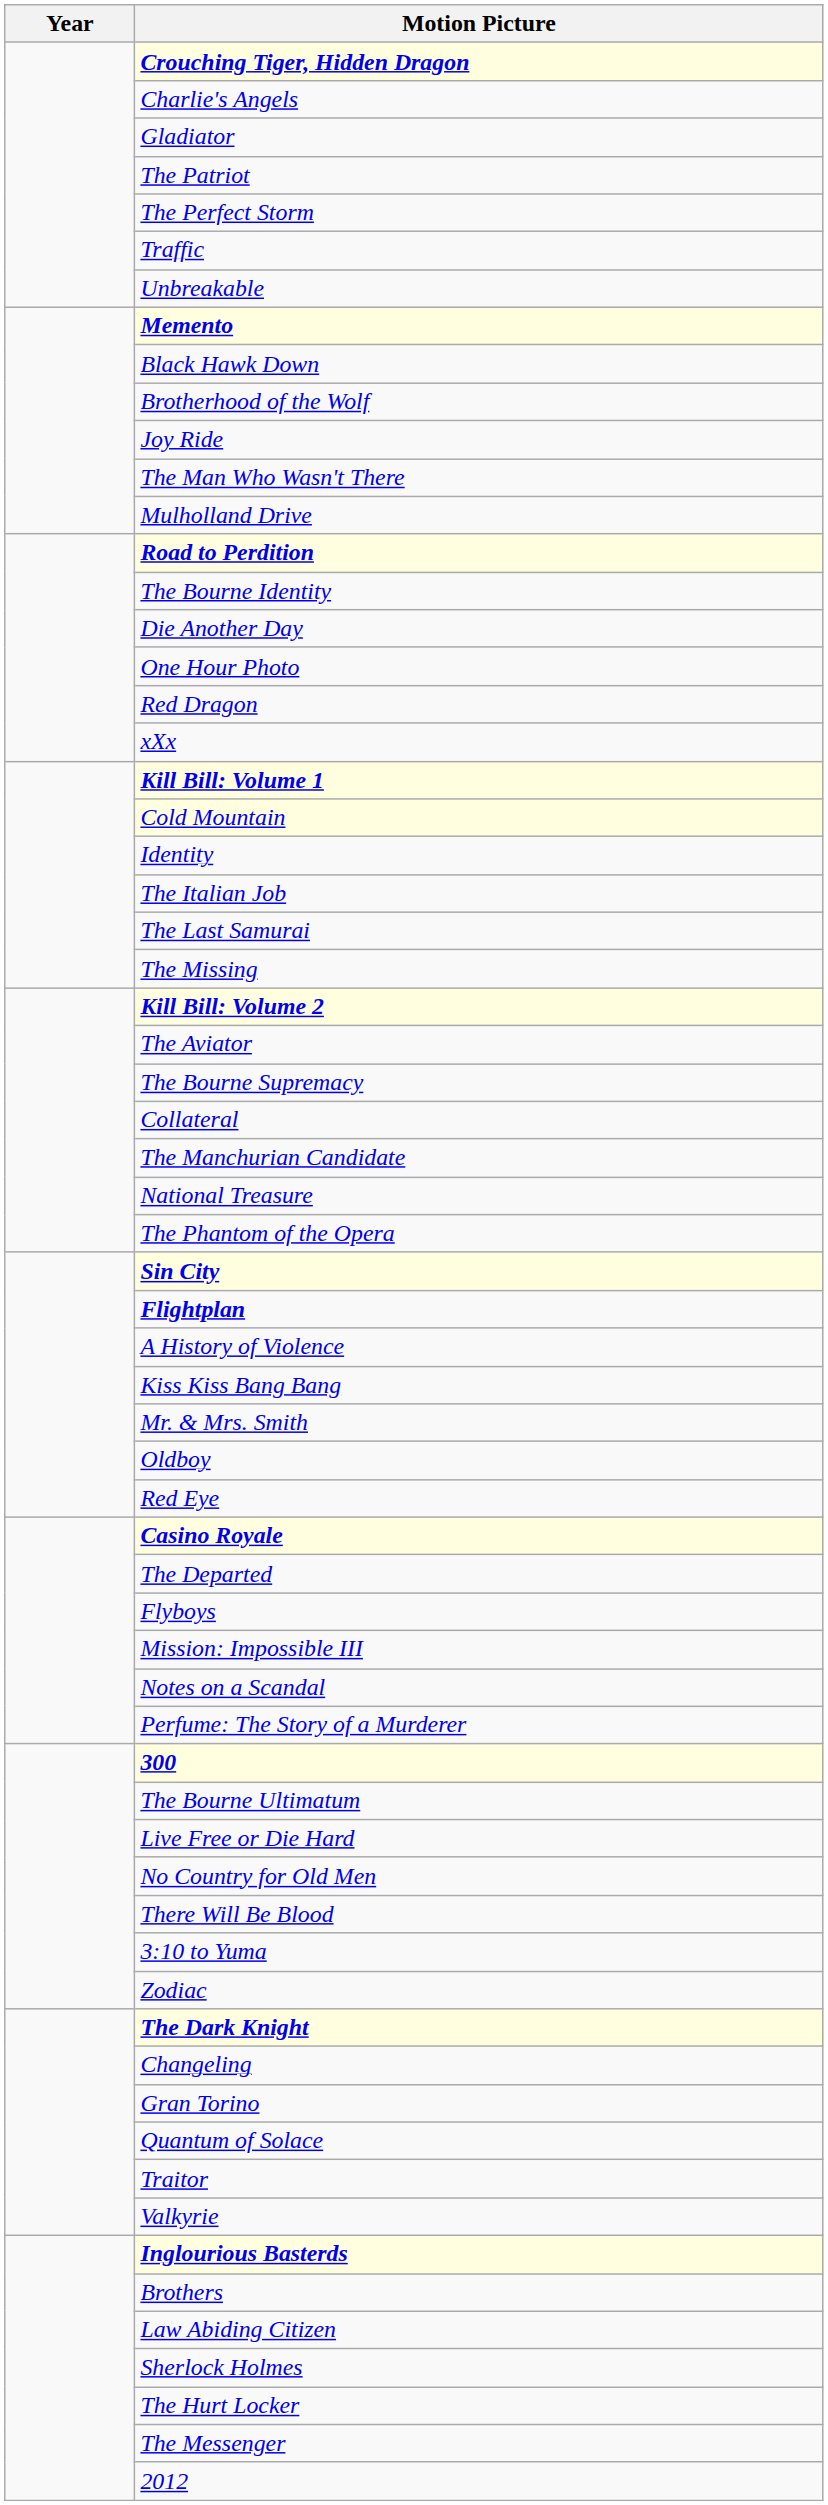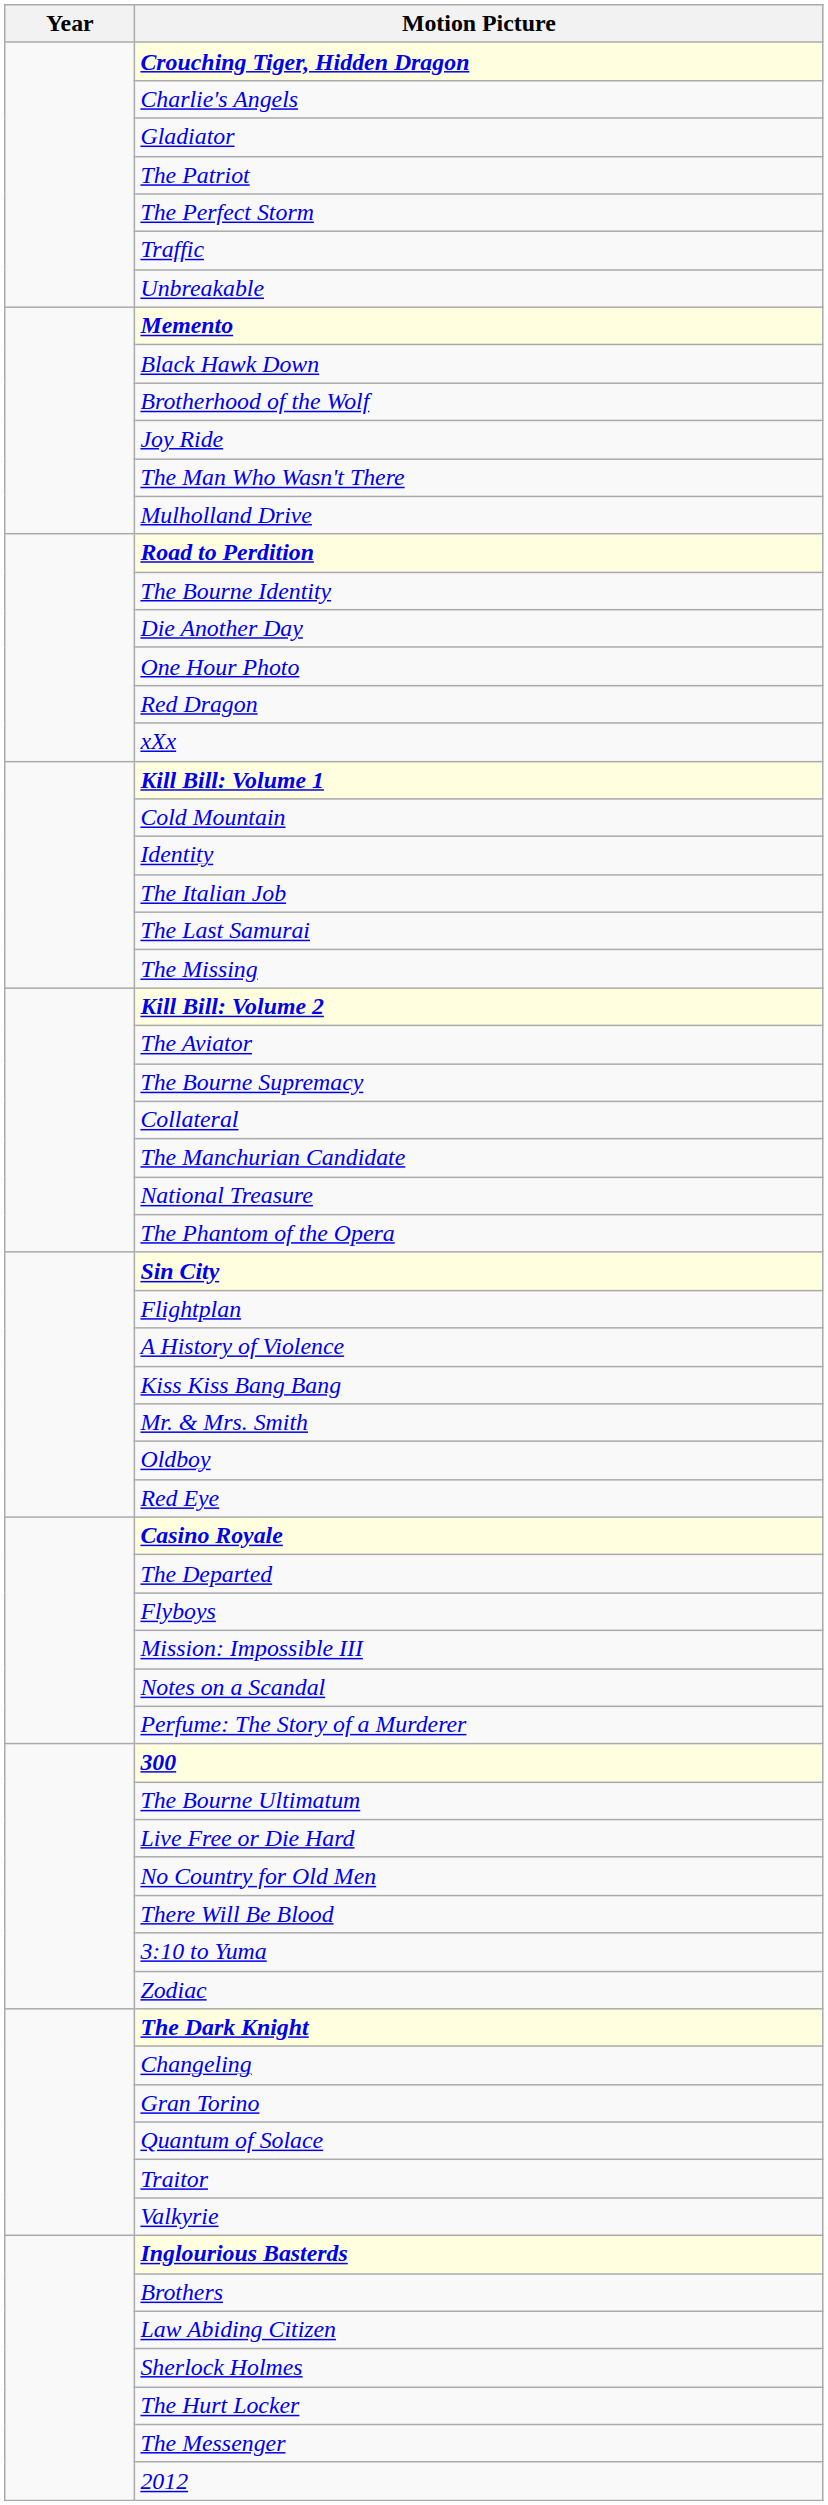 <table class="wikitable" width="550px" border="1" cellpadding="5" cellspacing="0" align="centre">
 <tr>
 <th width="80px">Year</th>
 <th>Motion Picture</th>
 </tr>
 <tr>
 <td rowspan=7></td>
 <td style="background:lightyellow"><strong><em><a href='#'>Crouching Tiger, Hidden Dragon</a></em></strong></td>
 </tr>
 <tr>
 <td><em><a href='#'>Charlie's Angels</a></em></td>
 </tr>
 <tr>
 <td><em><a href='#'>Gladiator</a></em></td>
 </tr>
 <tr>
 <td><em><a href='#'>The Patriot</a></em></td>
 </tr>
 <tr>
 <td><em><a href='#'>The Perfect Storm</a></em></td>
 </tr>
 <tr>
 <td><em><a href='#'>Traffic</a></em></td>
 </tr>
 <tr>
 <td><em><a href='#'>Unbreakable</a></em></td>
 </tr>
 <tr>
 <td rowspan=6></td>
 <td style="background:lightyellow"><strong><em><a href='#'>Memento</a></em></strong></td>
 </tr>
 <tr>
 <td><em><a href='#'>Black Hawk Down</a></em></td>
 </tr>
 <tr>
 <td><em><a href='#'>Brotherhood of the Wolf</a></em></td>
 </tr>
 <tr>
 <td><em><a href='#'>Joy Ride</a></em></td>
 </tr>
 <tr>
 <td><em><a href='#'>The Man Who Wasn't There</a></em></td>
 </tr>
 <tr>
 <td><em><a href='#'>Mulholland Drive</a></em></td>
 </tr>
 <tr>
 <td rowspan=6></td>
 <td style="background:lightyellow"><strong><em><a href='#'>Road to Perdition</a></em></strong></td>
 </tr>
 <tr>
 <td><em><a href='#'>The Bourne Identity</a></em></td>
 </tr>
 <tr>
 <td><em><a href='#'>Die Another Day</a></em></td>
 </tr>
 <tr>
 <td><em><a href='#'>One Hour Photo</a></em></td>
 </tr>
 <tr>
 <td><em><a href='#'>Red Dragon</a></em></td>
 </tr>
 <tr>
 <td><em><a href='#'>xXx</a></em></td>
 </tr>
 <tr>
 <td rowspan=6></td>
 <td style="background:lightyellow"><strong><em><a href='#'>Kill Bill: Volume 1</a></em></strong></td>
 </tr>
 <tr>
-<td style="background: lightyellow;"><em><a href='#'>Cold Mountain</a></em></td>
+<td><em><a href='#'>Cold Mountain</a></em></td>
 </tr>
 <tr>
 <td><em><a href='#'>Identity</a></em></td>
 </tr>
 <tr>
 <td><em><a href='#'>The Italian Job</a></em></td>
 </tr>
 <tr>
 <td><em><a href='#'>The Last Samurai</a></em></td>
 </tr>
 <tr>
 <td><em><a href='#'>The Missing</a></em></td>
 </tr>
 <tr>
 <td rowspan=7></td>
 <td style="background:lightyellow"><strong><em><a href='#'>Kill Bill: Volume 2</a></em></strong></td>
 </tr>
 <tr>
 <td><em><a href='#'>The Aviator</a></em></td>
 </tr>
 <tr>
 <td><em><a href='#'>The Bourne Supremacy</a></em></td>
 </tr>
 <tr>
 <td><em><a href='#'>Collateral</a></em></td>
 </tr>
 <tr>
 <td><em><a href='#'>The Manchurian Candidate</a></em></td>
 </tr>
 <tr>
 <td><em><a href='#'>National Treasure</a></em></td>
 </tr>
 <tr>
 <td><em><a href='#'>The Phantom of the Opera</a></em></td>
 </tr>
 <tr>
 <td rowspan=7></td>
 <td style="background:lightyellow"><strong><em><a href='#'>Sin City</a></em></strong></td>
 </tr>
 <tr>
-<td><strong><em><a href='#'>Flightplan</a></em></strong></td>
+<td><em><a href='#'>Flightplan</a></em></td>
 </tr>
 <tr>
 <td><em><a href='#'>A History of Violence</a></em></td>
 </tr>
 <tr>
 <td><em><a href='#'>Kiss Kiss Bang Bang</a></em></td>
 </tr>
 <tr>
 <td><em><a href='#'>Mr. & Mrs. Smith</a></em></td>
 </tr>
 <tr>
 <td><em><a href='#'>Oldboy</a></em></td>
 </tr>
 <tr>
 <td><em><a href='#'>Red Eye</a></em></td>
 </tr>
 <tr>
 <td rowspan=6></td>
 <td style="background:lightyellow"><strong><em><a href='#'>Casino Royale</a></em></strong></td>
 </tr>
 <tr>
 <td><em><a href='#'>The Departed</a></em></td>
 </tr>
 <tr>
 <td><em><a href='#'>Flyboys</a></em></td>
 </tr>
 <tr>
 <td><em><a href='#'>Mission: Impossible III</a></em></td>
 </tr>
 <tr>
 <td><em><a href='#'>Notes on a Scandal</a></em></td>
 </tr>
 <tr>
 <td><em><a href='#'>Perfume: The Story of a Murderer</a></em></td>
 </tr>
 <tr>
 <td rowspan=7></td>
 <td style="background:lightyellow"><strong><em><a href='#'>300</a></em></strong></td>
 </tr>
 <tr>
 <td><em><a href='#'>The Bourne Ultimatum</a></em></td>
 </tr>
 <tr>
 <td><em><a href='#'>Live Free or Die Hard</a></em></td>
 </tr>
 <tr>
 <td><em><a href='#'>No Country for Old Men</a></em></td>
 </tr>
 <tr>
 <td><em><a href='#'>There Will Be Blood</a></em></td>
 </tr>
 <tr>
 <td><em><a href='#'>3:10 to Yuma</a></em></td>
 </tr>
 <tr>
 <td><em><a href='#'>Zodiac</a></em></td>
 </tr>
 <tr>
 <td rowspan=6></td>
 <td style="background:lightyellow"><strong><em><a href='#'>The Dark Knight</a></em></strong></td>
 </tr>
 <tr>
 <td><em><a href='#'>Changeling</a></em></td>
 </tr>
 <tr>
 <td><em><a href='#'>Gran Torino</a></em></td>
 </tr>
 <tr>
 <td><em><a href='#'>Quantum of Solace</a></em></td>
 </tr>
 <tr>
 <td><em><a href='#'>Traitor</a></em></td>
 </tr>
 <tr>
 <td><em><a href='#'>Valkyrie</a></em></td>
 </tr>
 <tr>
 <td rowspan=7></td>
 <td style="background:lightyellow"><strong><em><a href='#'>Inglourious Basterds</a></em></strong></td>
 </tr>
 <tr>
 <td><em><a href='#'>Brothers</a></em></td>
 </tr>
 <tr>
 <td><em><a href='#'>Law Abiding Citizen</a></em></td>
 </tr>
 <tr>
 <td><em><a href='#'>Sherlock Holmes</a></em></td>
 </tr>
 <tr>
 <td><em><a href='#'>The Hurt Locker</a></em></td>
 </tr>
 <tr>
 <td><em><a href='#'>The Messenger</a></em></td>
 </tr>
 <tr>
 <td><em><a href='#'>2012</a></em></td>
 </tr>
 </table>
